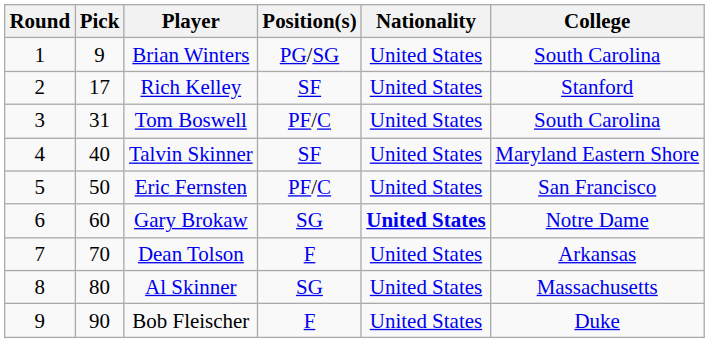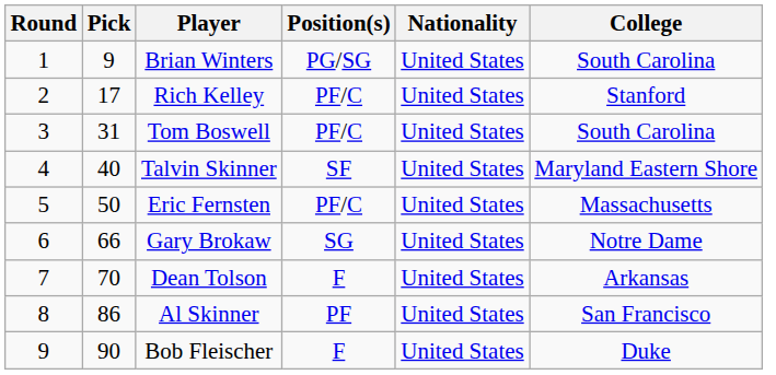 <table class="wikitable sortable sortable">
 <tr>
 <th>Round</th>
 <th>Pick</th>
 <th>Player</th>
 <th>Position(s)</th>
 <th>Nationality</th>
 <th>College</th>
 </tr>
 <tr style="text-align: center">
 <td>1</td>
 <td>9</td>
 <td><a href='#'>Brian Winters</a></td>
 <td><a href='#'>PG</a>/<a href='#'>SG</a></td>
 <td> <a href='#'>United States</a></td>
 <td><a href='#'>South Carolina</a></td>
 </tr>
 <tr style="text-align: center">
 <td>2</td>
 <td>17</td>
 <td><a href='#'>Rich Kelley</a></td>
-<td><a href='#'>SF</a></td>
+<td><a href='#'>PF</a>/<a href='#'>C</a></td>
 <td> <a href='#'>United States</a></td>
 <td><a href='#'>Stanford</a></td>
 </tr>
 <tr style="text-align: center">
 <td>3</td>
 <td>31</td>
 <td><a href='#'>Tom Boswell</a></td>
 <td><a href='#'>PF</a>/<a href='#'>C</a></td>
 <td> <a href='#'>United States</a></td>
 <td><a href='#'>South Carolina</a></td>
 </tr>
 <tr style="text-align: center">
 <td>4</td>
 <td>40</td>
 <td><a href='#'>Talvin Skinner</a></td>
 <td><a href='#'>SF</a></td>
 <td> <a href='#'>United States</a></td>
 <td><a href='#'>Maryland Eastern Shore</a></td>
 </tr>
 <tr style="text-align: center">
 <td>5</td>
 <td>50</td>
 <td><a href='#'>Eric Fernsten</a></td>
 <td><a href='#'>PF</a>/<a href='#'>C</a></td>
 <td> <a href='#'>United States</a></td>
-<td><a href='#'>San Francisco</a></td>
+<td><a href='#'>Massachusetts</a></td>
 </tr>
 <tr style="text-align: center">
 <td>6</td>
-<td>60</td>
+<td>66</td>
 <td><a href='#'>Gary Brokaw</a></td>
 <td><a href='#'>SG</a></td>
-<td><strong> <a href='#'>United States</a></strong></td>
+<td> <a href='#'>United States</a></td>
 <td><a href='#'>Notre Dame</a></td>
 </tr>
 <tr style="text-align: center">
 <td>7</td>
 <td>70</td>
 <td><a href='#'>Dean Tolson</a></td>
 <td><a href='#'>F</a></td>
 <td> <a href='#'>United States</a></td>
 <td><a href='#'>Arkansas</a></td>
 </tr>
 <tr style="text-align: center">
 <td>8</td>
-<td>80</td>
+<td>86</td>
 <td><a href='#'>Al Skinner</a></td>
-<td><a href='#'>SG</a></td>
+<td><a href='#'>PF</a></td>
 <td> <a href='#'>United States</a></td>
-<td><a href='#'>Massachusetts</a></td>
+<td><a href='#'>San Francisco</a></td>
 </tr>
 <tr style="text-align: center">
 <td>9</td>
 <td>90</td>
 <td>Bob Fleischer</td>
 <td><a href='#'>F</a></td>
 <td> <a href='#'>United States</a></td>
 <td><a href='#'>Duke</a></td>
 </tr>
 </table>
